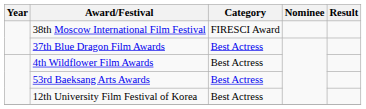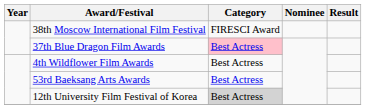 <table class="wikitable">
 <tr>
 <th>Year</th>
 <th>Award/Festival</th>
 <th>Category</th>
 <th>Nominee</th>
 <th>Result</th>
 </tr>
 <tr>
 <td rowspan="2"></td>
 <td>38th <a href='#'>Moscow International Film Festival</a></td>
 <td>FIRESCI Award</td>
 <td></td>
 <td></td>
 </tr>
 <tr>
 <td><a href='#'>37th Blue Dragon Film Awards</a></td>
-<td><a href='#'>Best Actress</a></td>
+<td style="background: pink;"><a href='#'>Best Actress</a></td>
 <td rowspan="4"></td>
 <td></td>
 </tr>
 <tr>
 <td rowspan="3"></td>
 <td><a href='#'>4th Wildflower Film Awards</a></td>
 <td>Best Actress</td>
 <td></td>
 </tr>
 <tr>
 <td><a href='#'>53rd Baeksang Arts Awards</a></td>
 <td><a href='#'>Best Actress</a></td>
 <td></td>
 </tr>
 <tr>
 <td>12th University Film Festival of Korea</td>
-<td>Best Actress</td>
+<td style="background: lightgrey;">Best Actress</td>
 <td></td>
 </tr>
 <tr>
 </tr>
 </table>
